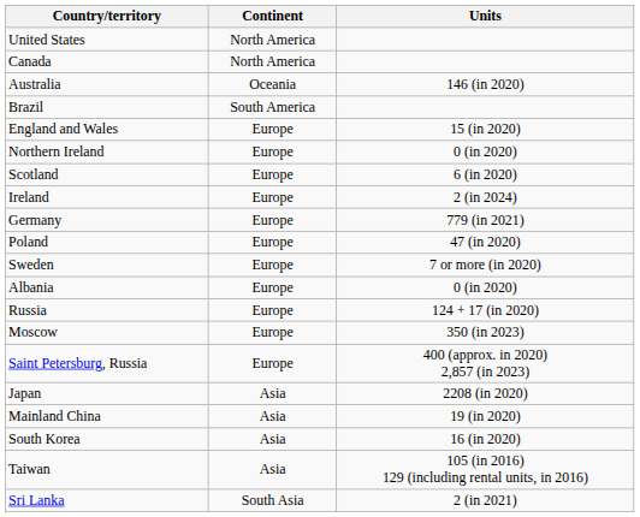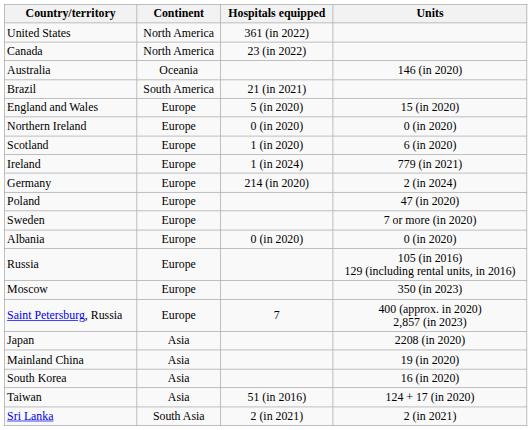 <table class="wikitable sortable" style="font-size: 100%; text-align: center; width: 80%;">
 <tr>
 <th>Country/territory</th>
 <th>Continent</th>
+<th>Hospitals equipped</th>
 <th>Units</th>
 </tr>
 <tr>
 <td style="text-align:left;">United States</td>
 <td>North America</td>
+<td>361 (in 2022)</td>
 <td></td>
 </tr>
 <tr>
 <td style="text-align:left;">Canada</td>
 <td>North America</td>
+<td>23 (in 2022)</td>
 <td></td>
 </tr>
 <tr>
 <td style="text-align:left;">Australia</td>
 <td>Oceania</td>
+<td></td>
 <td>146 (in 2020) </td>
 </tr>
 <tr>
 <td style="text-align:left;">Brazil</td>
 <td>South America</td>
+<td>21 (in 2021)</td>
 <td></td>
 </tr>
 <tr>
 <td style="text-align:left;">England and Wales</td>
 <td>Europe</td>
+<td>5 (in 2020)</td>
 <td>15 (in 2020)</td>
 </tr>
 <tr>
 <td style="text-align:left;">Northern Ireland</td>
 <td>Europe</td>
 <td>0 (in 2020)</td>
+<td>0 (in 2020)</td>
 </tr>
 <tr>
 <td style="text-align:left;">Scotland</td>
 <td>Europe</td>
+<td>1 (in 2020)</td>
 <td>6 (in 2020)</td>
 </tr>
 <tr>
 <td style="text-align:left;">Ireland</td>
 <td>Europe</td>
-<td>2 (in 2024)</td>
+<td>1 (in 2024)</td>
+<td>779 (in 2021)</td>
 </tr>
 <tr>
 <td style="text-align:left;">Germany</td>
 <td>Europe</td>
-<td>779 (in 2021)</td>
+<td>214 (in 2020)</td>
+<td>2 (in 2024)</td>
 </tr>
 <tr>
 <td style="text-align:left;">Poland</td>
 <td>Europe</td>
+<td></td>
 <td>47 (in 2020)</td>
 </tr>
 <tr>
 <td style="text-align:left;">Sweden</td>
 <td>Europe</td>
+<td></td>
 <td>7 or more (in 2020)</td>
 </tr>
 <tr>
 <td style="text-align:left;">Albania</td>
 <td>Europe</td>
 <td>0 (in 2020)</td>
+<td>0 (in 2020)</td>
 </tr>
 <tr>
 <td style="text-align:left;">Russia</td>
 <td>Europe</td>
-<td>124 + 17 (in 2020)</td>
+<td></td>
+<td>105 (in 2016)<br>129 (including rental units, in 2016)</td>
 </tr>
 <tr>
 <td style="text-align:left;">Moscow</td>
 <td>Europe</td>
+<td></td>
 <td>350 (in 2023)</td>
 </tr>
 <tr>
 <td style="text-align:left;"><a href='#'>Saint Petersburg</a>, Russia</td>
 <td>Europe</td>
+<td>7</td>
 <td>400 (approx. in 2020)<br>2,857 (in 2023)</td>
 </tr>
 <tr>
 <td style="text-align:left;">Japan</td>
 <td>Asia</td>
+<td></td>
 <td>2208 (in 2020)</td>
 </tr>
 <tr>
 <td style="text-align:left;">Mainland China</td>
 <td>Asia</td>
+<td></td>
 <td>19 (in 2020)</td>
 </tr>
 <tr>
 <td style="text-align:left;">South Korea</td>
 <td>Asia</td>
+<td></td>
 <td>16 (in 2020)</td>
 </tr>
 <tr>
 <td style="text-align:left;">Taiwan</td>
 <td>Asia</td>
-<td>105 (in 2016)<br>129 (including rental units, in 2016)</td>
+<td>51 (in 2016)</td>
+<td>124 + 17 (in 2020)</td>
 </tr>
 <tr>
 <td style="text-align:left;"><a href='#'>Sri Lanka</a></td>
 <td>South Asia</td>
 <td>2 (in 2021)</td>
+<td>2 (in 2021)</td>
 </tr>
 </table>
